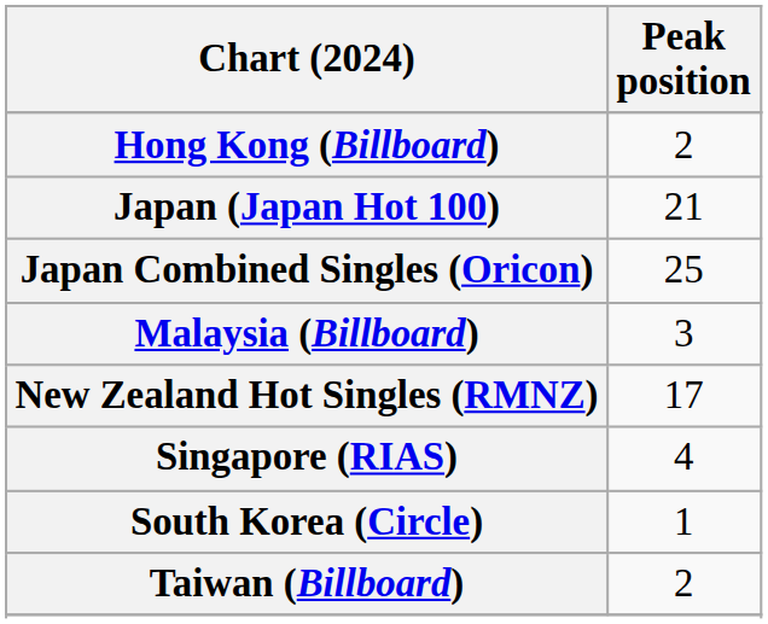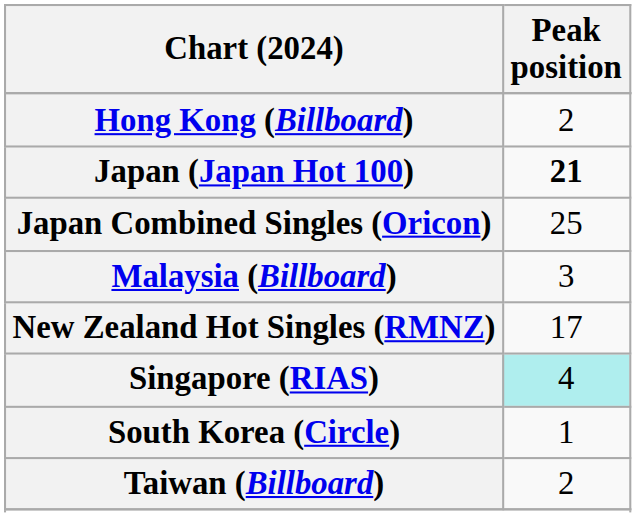 <table class="wikitable sortable plainrowheaders" style="text-align:center">
 <tr>
 <th scope="col">Chart (2024)</th>
 <th scope="col">Peak<br>position</th>
 </tr>
 <tr>
 </tr>
 <tr>
 <th scope="row"><a href='#'>Hong Kong</a> (<em><a href='#'>Billboard</a></em>)</th>
 <td>2</td>
 </tr>
 <tr>
 <th scope="row">Japan (<a href='#'>Japan Hot 100</a>)</th>
-<td>21</td>
+<td><strong>21</strong></td>
 </tr>
 <tr>
 <th scope="row">Japan Combined Singles (<a href='#'>Oricon</a>)</th>
 <td>25</td>
 </tr>
 <tr>
 <th scope="row"><a href='#'>Malaysia</a> (<em><a href='#'>Billboard</a></em>)</th>
 <td>3</td>
 </tr>
 <tr>
 <th scope="row">New Zealand Hot Singles (<a href='#'>RMNZ</a>)</th>
 <td>17</td>
 </tr>
 <tr>
 <th scope="row">Singapore (<a href='#'>RIAS</a>)</th>
-<td>4</td>
+<td style="background: paleturquoise;">4</td>
 </tr>
 <tr>
 <th scope="row">South Korea (<a href='#'>Circle</a>)</th>
 <td>1</td>
 </tr>
 <tr>
 <th scope="row">Taiwan (<em><a href='#'>Billboard</a></em>)</th>
 <td>2</td>
 </tr>
 <tr>
 </tr>
 <tr>
 </tr>
 </table>
